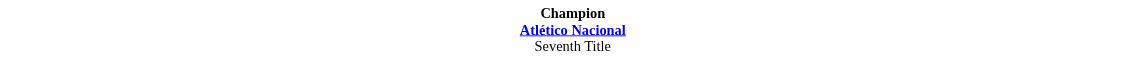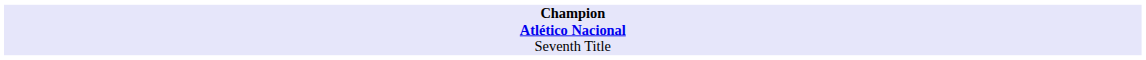 <table cellspacing=0 width=100%>
 <tr>
 <td align=center></td>
 </tr>
 <tr>
-<td align=center><strong>Champion<br><a href='#'>Atlético Nacional</a></strong><br>Seventh Title</td>
+<td align=center style="background: lavender;"><strong>Champion<br><a href='#'>Atlético Nacional</a></strong><br>Seventh Title</td>
 </tr>
 </table>
